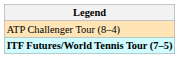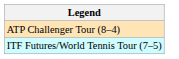 <table class="wikitable">
 <tr>
 <th>Legend</th>
 </tr>
 <tr bgcolor=moccasin>
 <td>ATP Challenger Tour (8–4)</td>
 </tr>
 <tr bgcolor=CFFCFF>
-<td><strong>ITF Futures/World Tennis Tour (7–5)</strong></td>
+<td>ITF Futures/World Tennis Tour (7–5)</td>
 </tr>
 </table>
